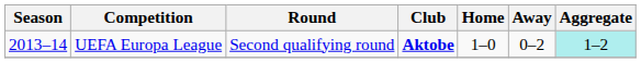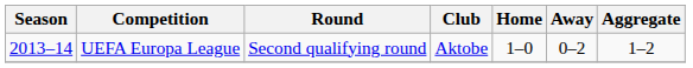 <table class="wikitable">
 <tr>
 <th>Season</th>
 <th>Competition</th>
 <th>Round</th>
 <th>Club</th>
 <th>Home</th>
 <th>Away</th>
 <th>Aggregate</th>
 </tr>
 <tr>
 <td><a href='#'>2013–14</a></td>
 <td><a href='#'>UEFA Europa League</a></td>
 <td><a href='#'>Second qualifying round</a></td>
-<td><strong> <a href='#'>Aktobe</a></strong></td>
+<td> <a href='#'>Aktobe</a></td>
 <td style="text-align:center;">1–0</td>
 <td style="text-align:center;">0–2</td>
-<td style="background: paleturquoise; text-align:center;">1–2</td>
+<td style="text-align:center;">1–2</td>
 </tr>
 <tr>
 </tr>
 </table>
